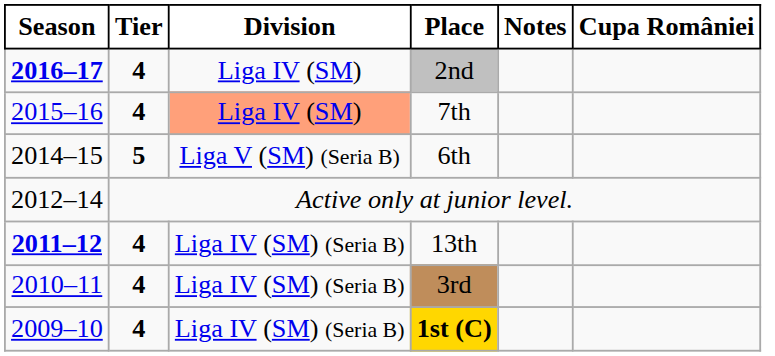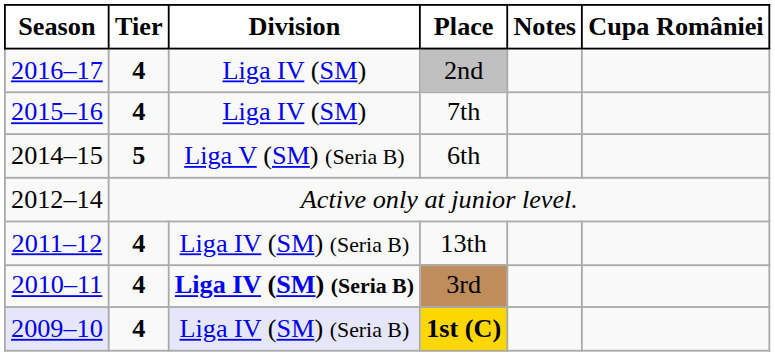 <table class="wikitable" style="text-align:center; font-size:90%">
 <tr>
 <th style="background:#FFFFFF;color:#000000;border:1px solid #000000;">Season</th>
 <th style="background:#FFFFFF;color:#000000;border:1px solid #000000;">Tier</th>
 <th style="background:#FFFFFF;color:#000000;border:1px solid #000000;">Division</th>
 <th style="background:#FFFFFF;color:#000000;border:1px solid #000000;">Place</th>
 <th style="background:#FFFFFF;color:#000000;border:1px solid #000000;">Notes</th>
 <th style="background:#FFFFFF;color:#000000;border:1px solid #000000;">Cupa României</th>
 </tr>
 <tr>
-<td><strong><a href='#'>2016–17</a></strong></td>
+<td><a href='#'>2016–17</a></td>
 <td><strong>4</strong></td>
 <td><a href='#'>Liga IV</a> (<a href='#'>SM</a>)</td>
 <td align=center bgcolor=silver>2nd</td>
 <td></td>
 <td></td>
 </tr>
 <tr>
 <td><a href='#'>2015–16</a></td>
 <td><strong>4</strong></td>
-<td style="background: lightsalmon;"><a href='#'>Liga IV</a> (<a href='#'>SM</a>)</td>
+<td><a href='#'>Liga IV</a> (<a href='#'>SM</a>)</td>
 <td>7th</td>
 <td></td>
 <td></td>
 </tr>
 <tr>
 <td>2014–15</td>
 <td><strong>5</strong></td>
 <td><a href='#'>Liga V</a> (<a href='#'>SM</a>) <small>(Seria B)</small></td>
 <td>6th</td>
 <td></td>
 <td></td>
 </tr>
 <tr>
 <td>2012–14</td>
 <td align=center colspan=5><em> Active only at junior level.</em></td>
 </tr>
 <tr>
-<td><strong><a href='#'>2011–12</a></strong></td>
+<td><a href='#'>2011–12</a></td>
 <td><strong>4</strong></td>
 <td><a href='#'>Liga IV</a> (<a href='#'>SM</a>) <small>(Seria B)</small></td>
 <td>13th</td>
 <td></td>
 <td></td>
 </tr>
 <tr>
 <td><a href='#'>2010–11</a></td>
 <td><strong>4</strong></td>
-<td><a href='#'>Liga IV</a> (<a href='#'>SM</a>) <small>(Seria B)</small></td>
+<td><strong><a href='#'>Liga IV</a> (<a href='#'>SM</a>) <small>(Seria B)</small></strong></td>
 <td align=center bgcolor=#BF8D5B>3rd</td>
 <td></td>
 <td></td>
 </tr>
 <tr>
-<td><a href='#'>2009–10</a></td>
+<td style="background: lavender;"><a href='#'>2009–10</a></td>
 <td><strong>4</strong></td>
-<td><a href='#'>Liga IV</a> (<a href='#'>SM</a>) <small>(Seria B)</small></td>
+<td style="background: lavender;"><a href='#'>Liga IV</a> (<a href='#'>SM</a>) <small>(Seria B)</small></td>
 <td align=center bgcolor=gold><strong>1st (C)</strong></td>
 <td></td>
 <td></td>
 </tr>
 </table>
